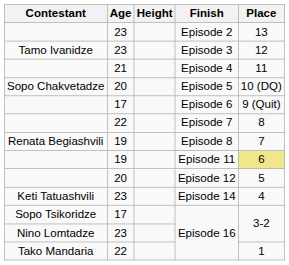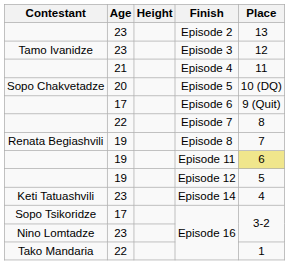 <table class="wikitable sortable" style="text-align:center;">
 <tr>
 <th>Contestant</th>
 <th>Age</th>
 <th>Height</th>
 <th>Finish</th>
 <th>Place</th>
 </tr>
 <tr>
 <td></td>
 <td>23</td>
 <td></td>
 <td>Episode 2</td>
 <td>13</td>
 </tr>
 <tr>
 <td>Tamo Ivanidze</td>
 <td>23</td>
 <td></td>
 <td>Episode 3</td>
 <td>12</td>
 </tr>
 <tr>
 <td></td>
 <td>21</td>
 <td></td>
 <td>Episode 4</td>
 <td>11</td>
 </tr>
 <tr>
 <td>Sopo Chakvetadze</td>
 <td>20</td>
 <td></td>
 <td>Episode 5</td>
 <td>10 (DQ)</td>
 </tr>
 <tr>
 <td></td>
 <td>17</td>
 <td></td>
 <td>Episode 6</td>
 <td>9 (Quit)</td>
 </tr>
 <tr>
 <td></td>
 <td>22</td>
 <td></td>
 <td>Episode 7</td>
 <td>8</td>
 </tr>
 <tr>
 <td>Renata Begiashvili</td>
 <td>19</td>
 <td></td>
 <td>Episode 8</td>
 <td>7</td>
 </tr>
 <tr>
 <td></td>
 <td>19</td>
 <td></td>
 <td>Episode 11</td>
 <td style="background: khaki;">6</td>
 </tr>
 <tr>
 <td></td>
-<td>20</td>
+<td>19</td>
 <td></td>
 <td>Episode 12</td>
 <td>5</td>
 </tr>
 <tr>
 <td>Keti Tatuashvili</td>
 <td>23</td>
 <td></td>
 <td>Episode 14</td>
 <td>4</td>
 </tr>
 <tr>
 <td>Sopo Tsikoridze</td>
 <td>17</td>
 <td></td>
 <td rowspan="3">Episode 16</td>
 <td rowspan=2>3-2</td>
 </tr>
 <tr>
 <td>Nino Lomtadze</td>
 <td>23</td>
 <td></td>
 </tr>
 <tr>
 <td>Tako Mandaria</td>
 <td>22</td>
 <td></td>
 <td>1</td>
 </tr>
 </table>
